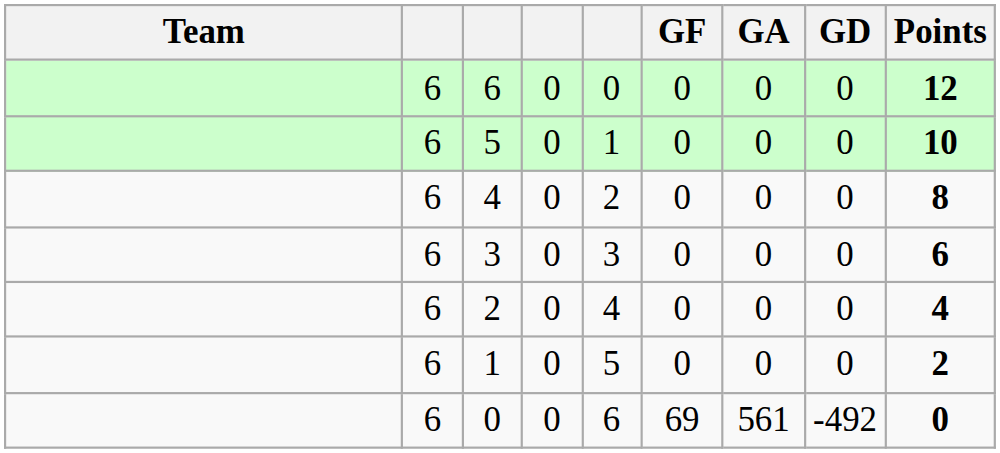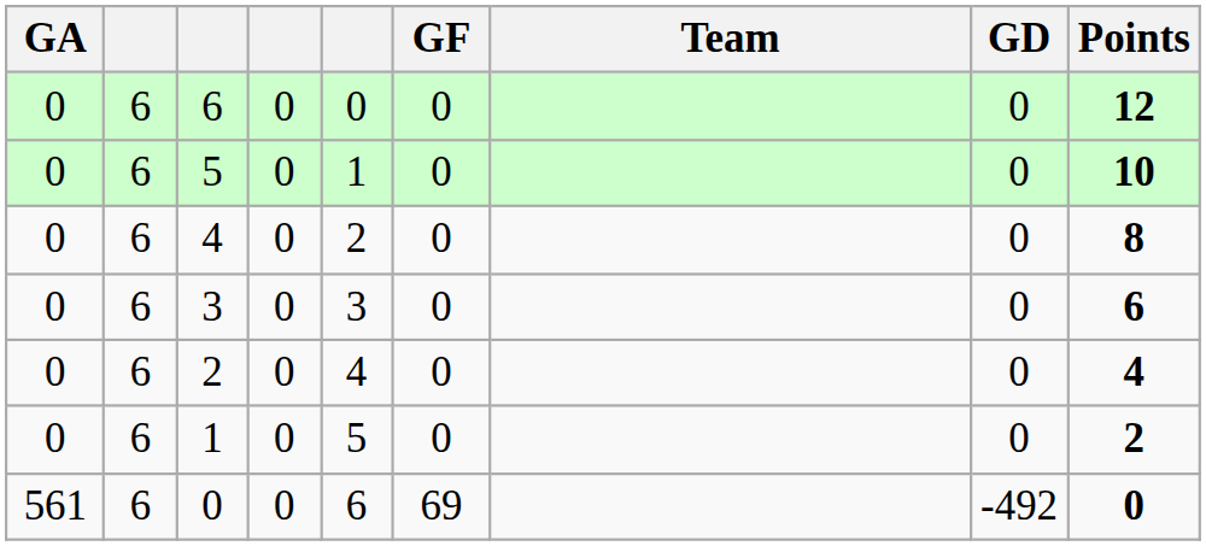 <table class=wikitable style=text-align:center>
 <tr>
-<th width=175>Team</th>
+<th width=30 abbr=Goal For>GA</th>
 <th width=20 abbr=Played></th>
 <th width=20 abbr=Won></th>
 <th width=20 abbr=Drawn></th>
 <th width=20 abbr=Lost></th>
 <th width=30 abbr=Goal For>GF</th>
-<th width=30 abbr=Goal For>GA</th>
+<th width=175>Team</th>
 <th width=30 abbr=Goal For>GD</th>
 <th width=30 abbr=Goal For>Points</th>
 </tr>
 <tr bgcolor=#CCFFCC>
-<td align=left></td>
+<td>0</td>
 <td>6</td>
 <td>6</td>
 <td>0</td>
 <td>0</td>
 <td>0</td>
-<td>0</td>
+<td align=left></td>
 <td>0</td>
 <td><strong>12</strong></td>
 </tr>
 <tr bgcolor=#CCFFCC>
-<td align=left></td>
+<td>0</td>
 <td>6</td>
 <td>5</td>
 <td>0</td>
 <td>1</td>
 <td>0</td>
-<td>0</td>
+<td align=left></td>
 <td>0</td>
 <td><strong>10</strong></td>
 </tr>
 <tr>
-<td align=left></td>
+<td>0</td>
 <td>6</td>
 <td>4</td>
 <td>0</td>
 <td>2</td>
 <td>0</td>
-<td>0</td>
+<td align=left></td>
 <td>0</td>
 <td><strong>8</strong></td>
 </tr>
 <tr>
-<td align=left></td>
+<td>0</td>
 <td>6</td>
 <td>3</td>
 <td>0</td>
 <td>3</td>
 <td>0</td>
-<td>0</td>
+<td align=left></td>
 <td>0</td>
 <td><strong>6</strong></td>
 </tr>
 <tr>
-<td align=left></td>
+<td>0</td>
 <td>6</td>
 <td>2</td>
 <td>0</td>
 <td>4</td>
 <td>0</td>
-<td>0</td>
+<td align=left></td>
 <td>0</td>
 <td><strong>4</strong></td>
 </tr>
 <tr>
-<td align=left></td>
+<td>0</td>
 <td>6</td>
 <td>1</td>
 <td>0</td>
 <td>5</td>
 <td>0</td>
-<td>0</td>
+<td align=left></td>
 <td>0</td>
 <td><strong>2</strong></td>
 </tr>
 <tr>
-<td align=left></td>
+<td>561</td>
 <td>6</td>
 <td>0</td>
 <td>0</td>
 <td>6</td>
 <td>69</td>
-<td>561</td>
+<td align=left></td>
 <td>-492</td>
 <td><strong>0</strong></td>
 </tr>
 </table>
